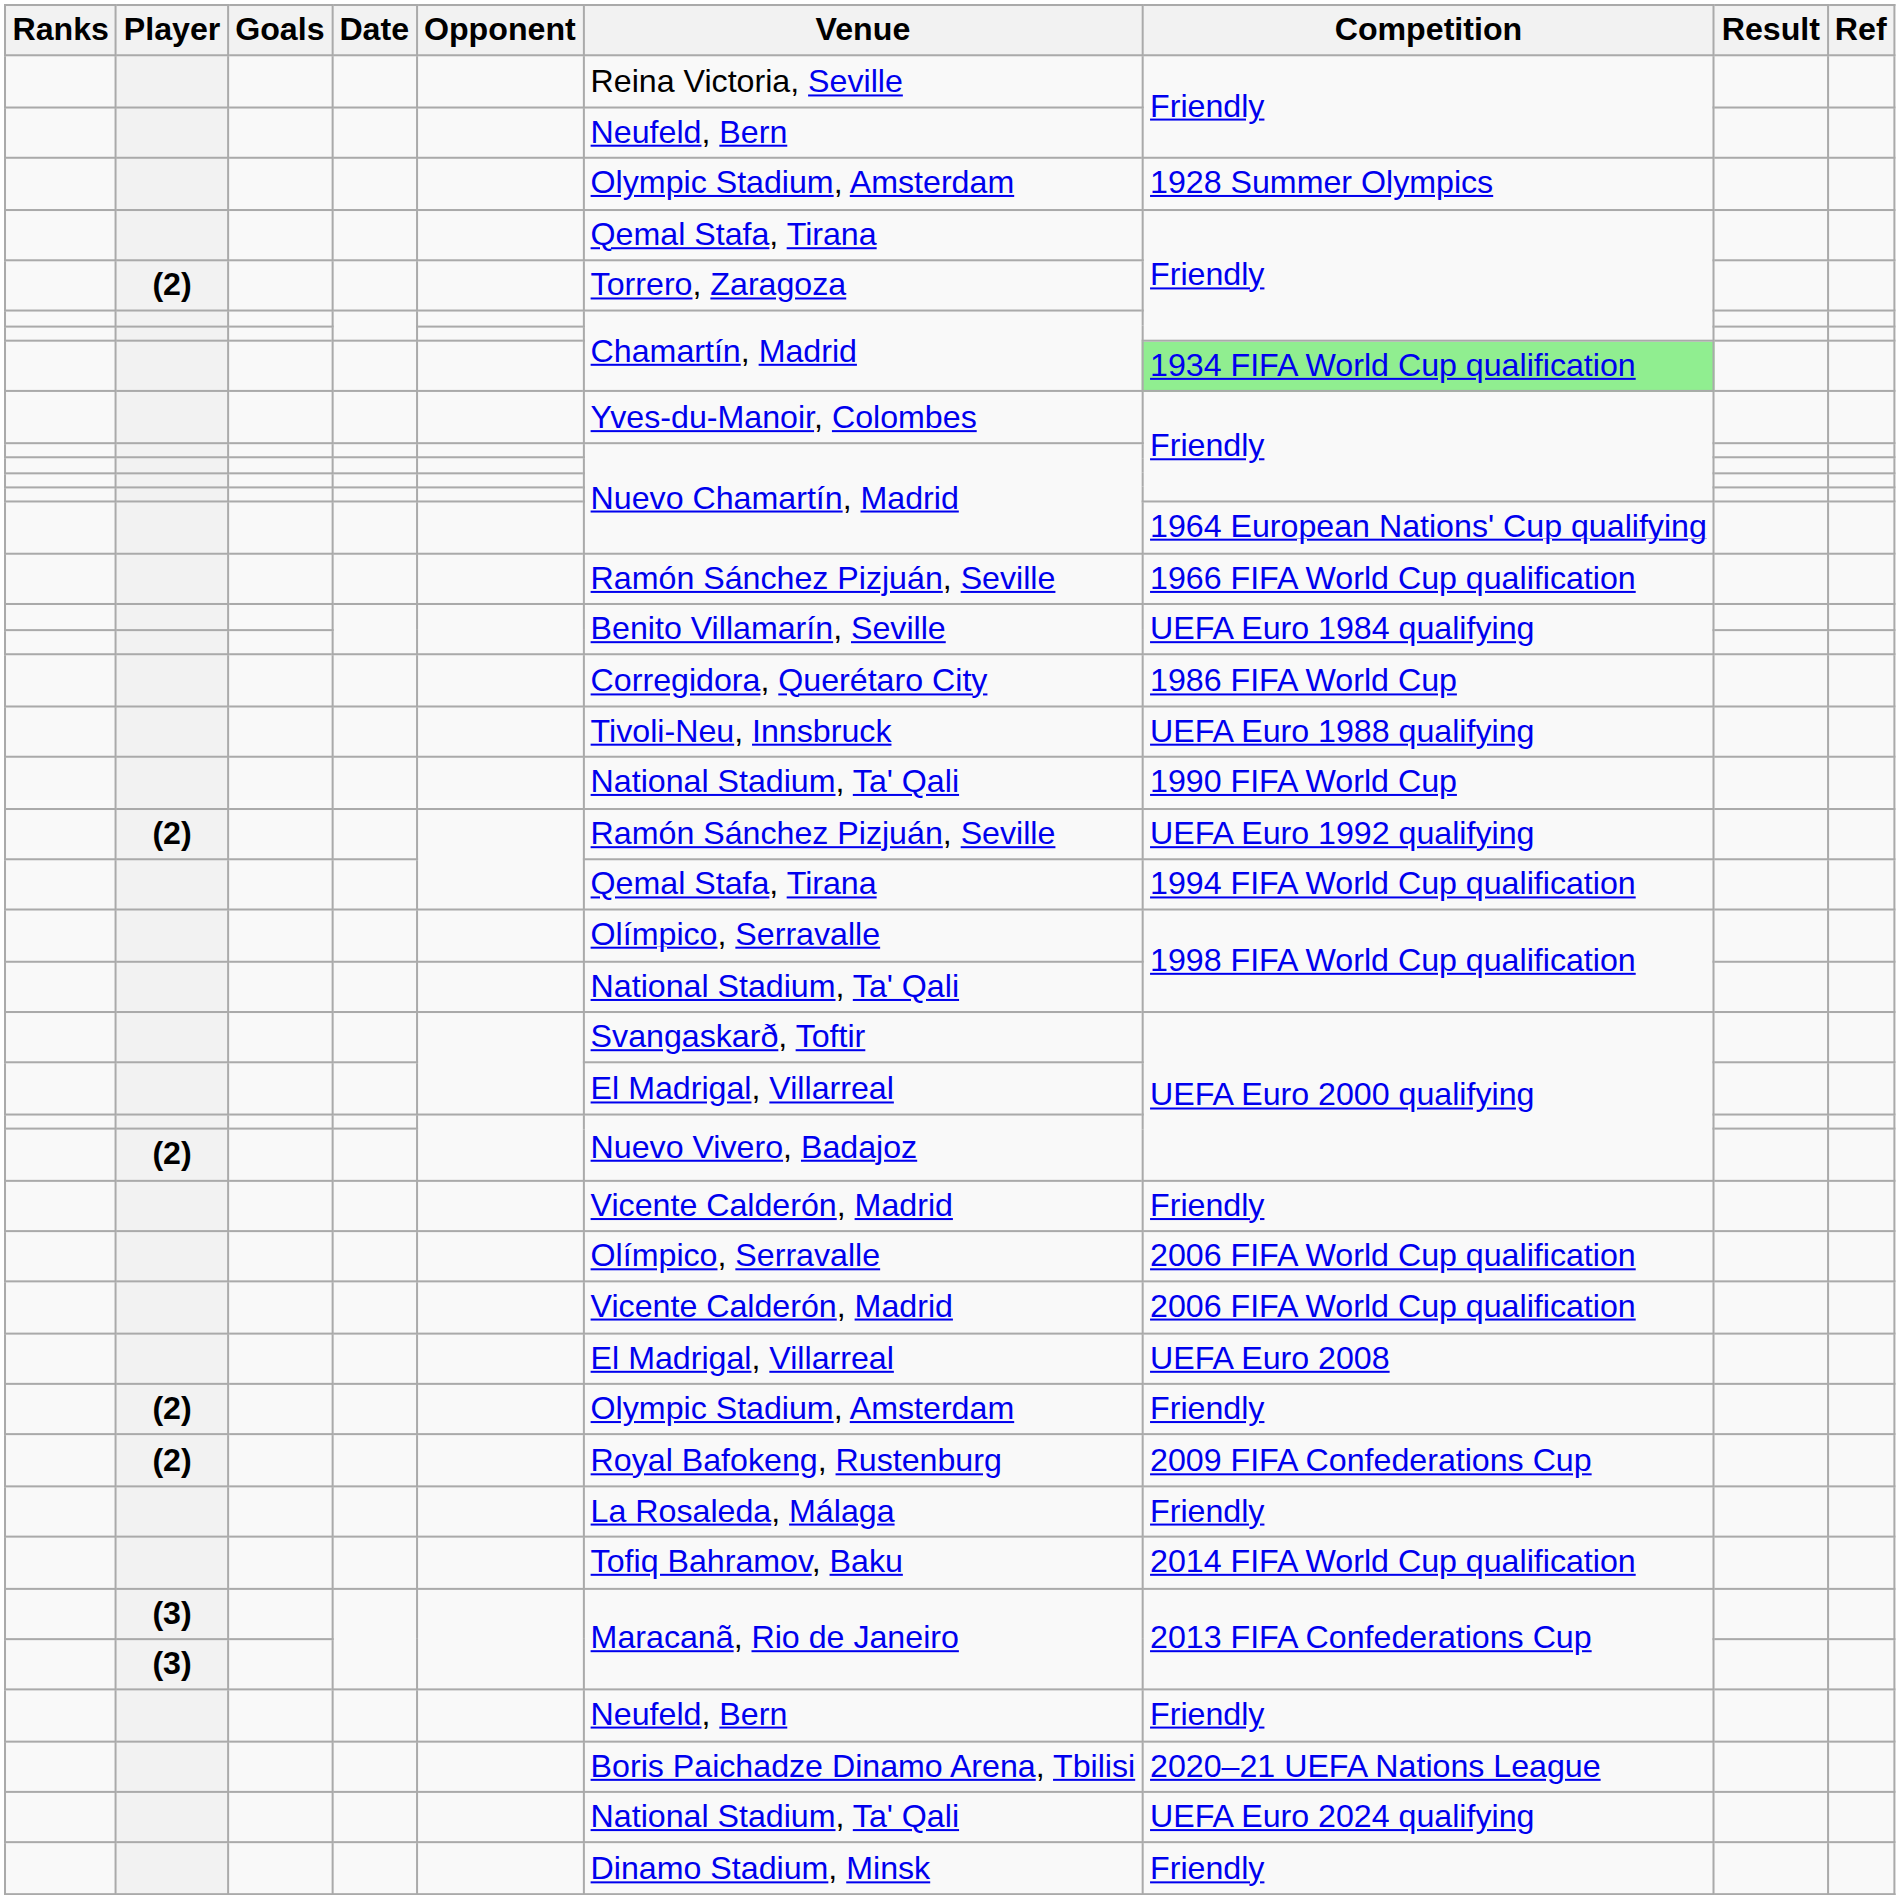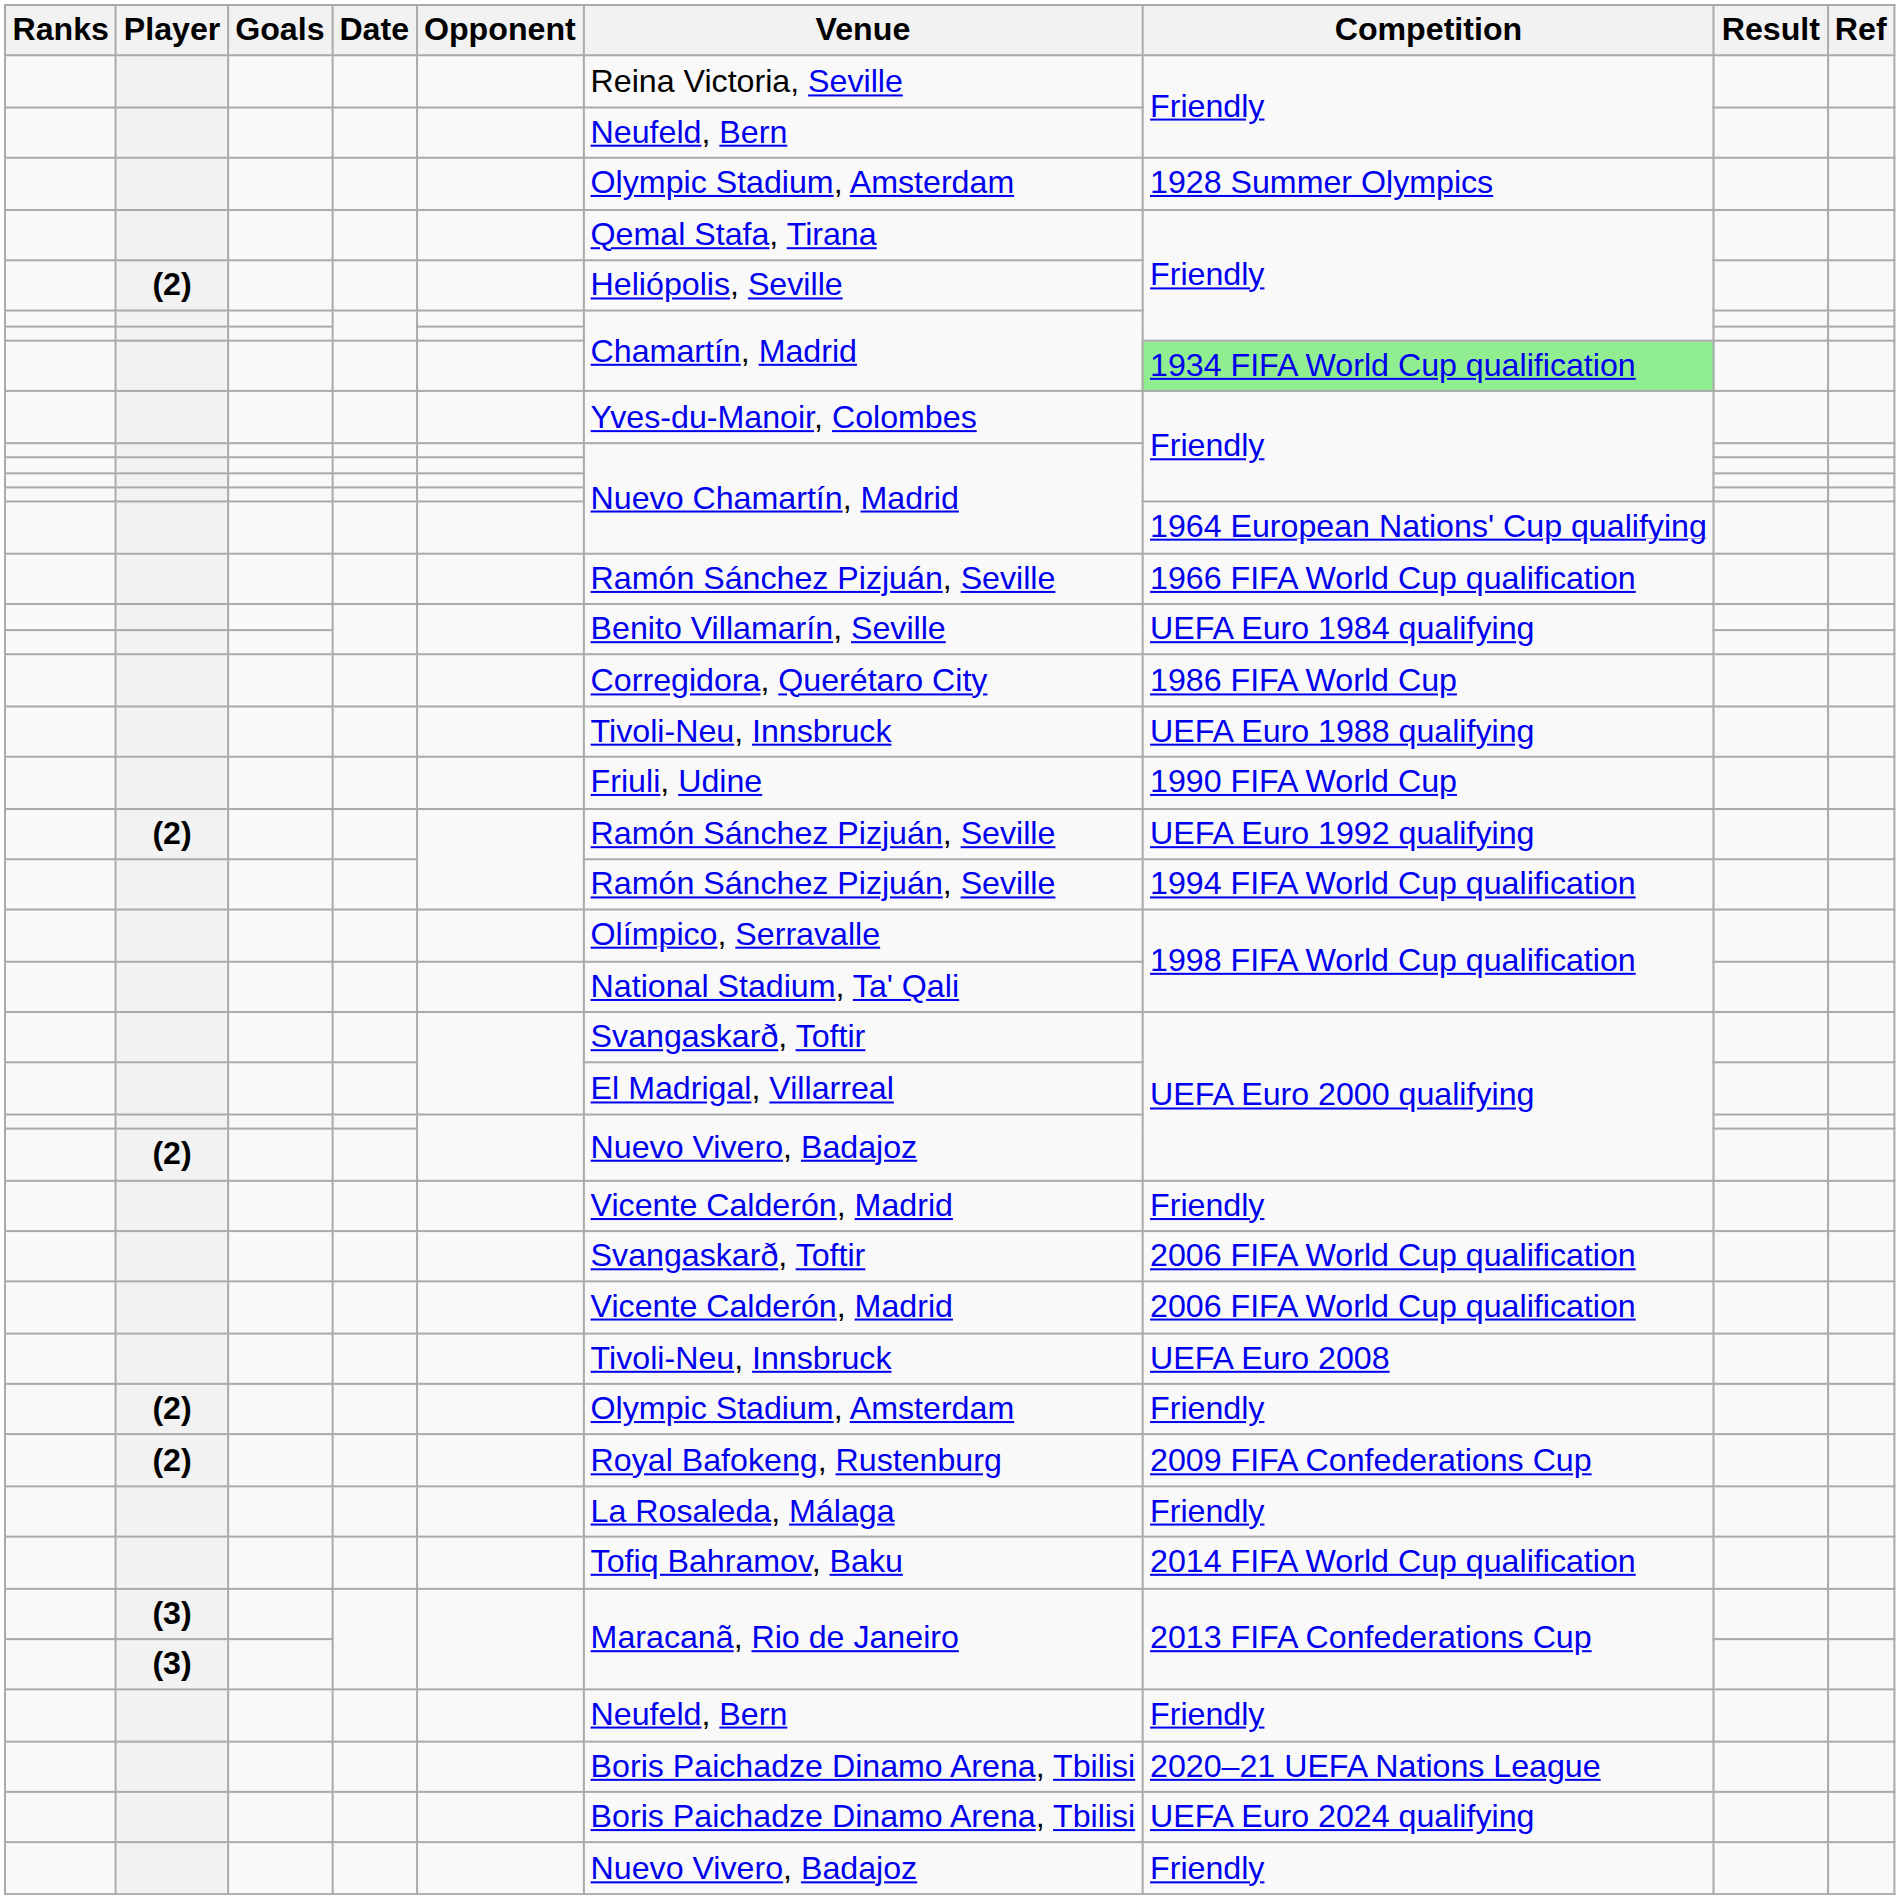 <table class="wikitable sortable plainrowheaders">
 <tr>
 <th scope="col">Ranks</th>
 <th scope="col">Player</th>
 <th scope="col">Goals</th>
 <th scope="col">Date</th>
 <th scope="col">Opponent</th>
 <th scope="col">Venue</th>
 <th scope="col">Competition</th>
 <th scope="col" data-sort-type="number">Result</th>
 <th scope="col" class="unsortable">Ref</th>
 </tr>
 <tr>
 <td></td>
 <th scope="row"></th>
 <td></td>
 <td></td>
 <td></td>
 <td>Reina Victoria, <a href='#'>Seville</a></td>
 <td rowspan="2"><a href='#'>Friendly</a></td>
 <td></td>
 <td></td>
 </tr>
 <tr>
 <td></td>
 <th scope="row"></th>
 <td></td>
 <td></td>
 <td></td>
 <td><a href='#'>Neufeld</a>, <a href='#'>Bern</a></td>
 <td></td>
 <td></td>
 </tr>
 <tr>
 <td></td>
 <th scope="row"></th>
 <td></td>
 <td></td>
 <td></td>
 <td><a href='#'>Olympic Stadium</a>, <a href='#'>Amsterdam</a></td>
 <td><a href='#'>1928 Summer Olympics</a></td>
 <td></td>
 <td></td>
 </tr>
 <tr>
 <td></td>
 <th scope="row"></th>
 <td></td>
 <td></td>
 <td></td>
 <td><a href='#'>Qemal Stafa</a>, <a href='#'>Tirana</a></td>
 <td rowspan="4"><a href='#'>Friendly</a></td>
 <td></td>
 <td></td>
 </tr>
 <tr>
 <td></td>
 <th scope="row"> (2)</th>
 <td></td>
 <td></td>
 <td></td>
-<td><a href='#'>Torrero</a>, <a href='#'>Zaragoza</a></td>
+<td><a href='#'>Heliópolis</a>, <a href='#'>Seville</a></td>
 <td></td>
 <td></td>
 </tr>
 <tr>
 <td></td>
 <th scope="row"></th>
 <td></td>
 <td rowspan="2"></td>
 <td></td>
 <td rowspan="3"><a href='#'>Chamartín</a>, <a href='#'>Madrid</a></td>
 <td></td>
 <td></td>
 </tr>
 <tr>
 <td></td>
 <th scope="row"></th>
 <td></td>
 <td></td>
 <td></td>
 <td></td>
 </tr>
 <tr>
 <td></td>
 <th scope="row"></th>
 <td></td>
 <td></td>
 <td></td>
 <td style="background: lightgreen;"><a href='#'>1934 FIFA World Cup qualification</a></td>
 <td></td>
 <td></td>
 </tr>
 <tr>
 <td></td>
 <th scope="row"></th>
 <td></td>
 <td></td>
 <td></td>
 <td><a href='#'>Yves-du-Manoir</a>, <a href='#'>Colombes</a></td>
 <td rowspan="5"><a href='#'>Friendly</a></td>
 <td></td>
 <td></td>
 </tr>
 <tr>
 <td></td>
 <th scope="row"></th>
 <td></td>
 <td></td>
 <td></td>
 <td rowspan="5"><a href='#'>Nuevo Chamartín</a>, <a href='#'>Madrid</a></td>
 <td></td>
 <td></td>
 </tr>
 <tr>
 <td></td>
 <th scope="row"></th>
 <td></td>
 <td></td>
 <td></td>
 <td></td>
 <td></td>
 </tr>
 <tr>
 <td></td>
 <th scope="row"></th>
 <td></td>
 <td></td>
 <td></td>
 <td></td>
 <td></td>
 </tr>
 <tr>
 <td></td>
 <th scope="row"></th>
 <td></td>
 <td></td>
 <td></td>
 <td></td>
 <td></td>
 </tr>
 <tr>
 <td></td>
 <th scope="row"></th>
 <td></td>
 <td></td>
 <td></td>
 <td><a href='#'>1964 European Nations' Cup qualifying</a></td>
 <td></td>
 <td></td>
 </tr>
 <tr>
 <td></td>
 <th scope="row"></th>
 <td></td>
 <td></td>
 <td></td>
 <td><a href='#'>Ramón Sánchez Pizjuán</a>, <a href='#'>Seville</a></td>
 <td><a href='#'>1966 FIFA World Cup qualification</a></td>
 <td></td>
 <td></td>
 </tr>
 <tr>
 <td></td>
 <th scope="row"></th>
 <td></td>
 <td rowspan="2"></td>
 <td rowspan="2"></td>
 <td rowspan="2"><a href='#'>Benito Villamarín</a>, <a href='#'>Seville</a></td>
 <td rowspan="2"><a href='#'>UEFA Euro 1984 qualifying</a></td>
 <td></td>
 <td></td>
 </tr>
 <tr>
 <td></td>
 <th scope="row"></th>
 <td></td>
 <td></td>
 <td></td>
 </tr>
 <tr>
 <td></td>
 <th scope="row"></th>
 <td></td>
 <td></td>
 <td></td>
 <td><a href='#'>Corregidora</a>, <a href='#'>Querétaro City</a></td>
 <td><a href='#'>1986 FIFA World Cup</a></td>
 <td></td>
 <td></td>
 </tr>
 <tr>
 <td></td>
 <th scope="row"></th>
 <td></td>
 <td></td>
 <td></td>
 <td><a href='#'>Tivoli-Neu</a>, <a href='#'>Innsbruck</a></td>
 <td><a href='#'>UEFA Euro 1988 qualifying</a></td>
 <td></td>
 <td></td>
 </tr>
 <tr>
 <td></td>
 <th scope="row"></th>
 <td></td>
 <td></td>
 <td></td>
-<td><a href='#'>National Stadium</a>, <a href='#'>Ta' Qali</a></td>
+<td><a href='#'>Friuli</a>, <a href='#'>Udine</a></td>
 <td><a href='#'>1990 FIFA World Cup</a></td>
 <td></td>
 <td></td>
 </tr>
 <tr>
 <td></td>
 <th scope="row"> (2)</th>
 <td></td>
 <td></td>
 <td rowspan="2"></td>
 <td><a href='#'>Ramón Sánchez Pizjuán</a>, <a href='#'>Seville</a></td>
 <td><a href='#'>UEFA Euro 1992 qualifying</a></td>
 <td></td>
 <td></td>
 </tr>
 <tr>
 <td></td>
 <th scope="row"></th>
 <td></td>
 <td></td>
-<td><a href='#'>Qemal Stafa</a>, <a href='#'>Tirana</a></td>
+<td><a href='#'>Ramón Sánchez Pizjuán</a>, <a href='#'>Seville</a></td>
 <td><a href='#'>1994 FIFA World Cup qualification</a></td>
 <td></td>
 <td></td>
 </tr>
 <tr>
 <td></td>
 <th scope="row"></th>
 <td></td>
 <td></td>
 <td></td>
 <td><a href='#'>Olímpico</a>, <a href='#'>Serravalle</a></td>
 <td rowspan="2"><a href='#'>1998 FIFA World Cup qualification</a></td>
 <td></td>
 <td></td>
 </tr>
 <tr>
 <td></td>
 <th scope="row"></th>
 <td></td>
 <td></td>
 <td></td>
 <td><a href='#'>National Stadium</a>, <a href='#'>Ta' Qali</a></td>
 <td></td>
 <td></td>
 </tr>
 <tr>
 <td></td>
 <th scope="row"></th>
 <td></td>
 <td></td>
 <td rowspan="2"></td>
 <td><a href='#'>Svangaskarð</a>, <a href='#'>Toftir</a></td>
 <td rowspan="4"><a href='#'>UEFA Euro 2000 qualifying</a></td>
 <td></td>
 <td></td>
 </tr>
 <tr>
 <td></td>
 <th scope="row"></th>
 <td></td>
 <td></td>
 <td><a href='#'>El Madrigal</a>, <a href='#'>Villarreal</a></td>
 <td></td>
 <td></td>
 </tr>
 <tr>
 <td></td>
 <th scope="row"></th>
 <td></td>
 <td></td>
 <td rowspan="2"></td>
 <td rowspan="2"><a href='#'>Nuevo Vivero</a>, <a href='#'>Badajoz</a></td>
 <td></td>
 <td></td>
 </tr>
 <tr>
 <td></td>
 <th scope="row"> (2)</th>
 <td></td>
 <td></td>
 <td></td>
 <td></td>
 </tr>
 <tr>
 <td></td>
 <th scope="row"></th>
 <td></td>
 <td></td>
 <td></td>
 <td><a href='#'>Vicente Calderón</a>, <a href='#'>Madrid</a></td>
 <td><a href='#'>Friendly</a></td>
 <td></td>
 <td></td>
 </tr>
 <tr>
 <td></td>
 <th scope="row"></th>
 <td></td>
 <td></td>
 <td></td>
-<td><a href='#'>Olímpico</a>, <a href='#'>Serravalle</a></td>
+<td><a href='#'>Svangaskarð</a>, <a href='#'>Toftir</a></td>
 <td><a href='#'>2006 FIFA World Cup qualification</a></td>
 <td></td>
 <td></td>
 </tr>
 <tr>
 <td></td>
 <th scope="row"></th>
 <td></td>
 <td></td>
 <td></td>
 <td><a href='#'>Vicente Calderón</a>, <a href='#'>Madrid</a></td>
 <td><a href='#'>2006 FIFA World Cup qualification</a></td>
 <td></td>
 <td></td>
 </tr>
 <tr>
 <td></td>
 <th scope="row"></th>
 <td></td>
 <td></td>
 <td></td>
-<td><a href='#'>El Madrigal</a>, <a href='#'>Villarreal</a></td>
+<td><a href='#'>Tivoli-Neu</a>, <a href='#'>Innsbruck</a></td>
 <td><a href='#'>UEFA Euro 2008</a></td>
 <td></td>
 <td></td>
 </tr>
 <tr>
 <td></td>
 <th scope="row"> (2)</th>
 <td></td>
 <td></td>
 <td></td>
 <td><a href='#'>Olympic Stadium</a>, <a href='#'>Amsterdam</a></td>
 <td><a href='#'>Friendly</a></td>
 <td></td>
 <td></td>
 </tr>
 <tr>
 <td></td>
 <th scope="row"> (2)</th>
 <td></td>
 <td></td>
 <td></td>
 <td><a href='#'>Royal Bafokeng</a>, <a href='#'>Rustenburg</a></td>
 <td><a href='#'>2009 FIFA Confederations Cup</a></td>
 <td></td>
 <td></td>
 </tr>
 <tr>
 <td></td>
 <th scope="row"></th>
 <td></td>
 <td></td>
 <td></td>
 <td><a href='#'>La Rosaleda</a>, <a href='#'>Málaga</a></td>
 <td><a href='#'>Friendly</a></td>
 <td></td>
 <td></td>
 </tr>
 <tr>
 <td></td>
 <th scope="row"></th>
 <td></td>
 <td></td>
 <td></td>
 <td><a href='#'>Tofiq Bahramov</a>, <a href='#'>Baku</a></td>
 <td><a href='#'>2014 FIFA World Cup qualification</a></td>
 <td></td>
 <td></td>
 </tr>
 <tr>
 <td></td>
 <th scope="row"> (3)</th>
 <td></td>
 <td rowspan="2"></td>
 <td rowspan="2"></td>
 <td rowspan="2"><a href='#'>Maracanã</a>, <a href='#'>Rio de Janeiro</a></td>
 <td rowspan="2"><a href='#'>2013 FIFA Confederations Cup</a></td>
 <td></td>
 <td></td>
 </tr>
 <tr>
 <td></td>
 <th scope="row"> (3)</th>
 <td></td>
 <td></td>
 <td></td>
 </tr>
 <tr>
 <td></td>
 <th scope="row"></th>
 <td></td>
 <td></td>
 <td></td>
 <td><a href='#'>Neufeld</a>, <a href='#'>Bern</a></td>
 <td><a href='#'>Friendly</a></td>
 <td></td>
 <td></td>
 </tr>
 <tr>
 <td></td>
 <th scope="row"></th>
 <td></td>
 <td></td>
 <td></td>
 <td><a href='#'>Boris Paichadze Dinamo Arena</a>, <a href='#'>Tbilisi</a></td>
 <td><a href='#'>2020–21 UEFA Nations League</a></td>
 <td></td>
 <td></td>
 </tr>
 <tr>
 <td></td>
 <th scope="row"></th>
 <td></td>
 <td></td>
 <td></td>
-<td><a href='#'>National Stadium</a>, <a href='#'>Ta' Qali</a></td>
+<td><a href='#'>Boris Paichadze Dinamo Arena</a>, <a href='#'>Tbilisi</a></td>
 <td><a href='#'>UEFA Euro 2024 qualifying</a></td>
 <td></td>
 <td></td>
 </tr>
 <tr>
 <td></td>
 <th scope="row"></th>
 <td></td>
 <td></td>
 <td></td>
-<td><a href='#'>Dinamo Stadium</a>, <a href='#'>Minsk</a></td>
+<td><a href='#'>Nuevo Vivero</a>, <a href='#'>Badajoz</a></td>
 <td><a href='#'>Friendly</a></td>
 <td></td>
 <td></td>
 </tr>
 <tr>
 </tr>
 </table>
